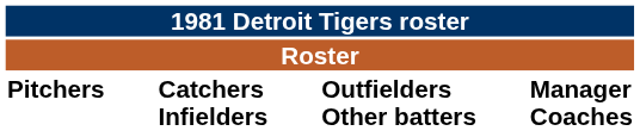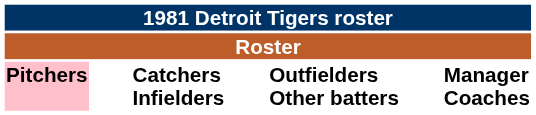 <table class="toccolours" style="font-size: 95%;">
 <tr>
 <th colspan="10" style="background-color: #003366; color: white; text-align: center;">1981 Detroit Tigers roster</th>
 </tr>
 <tr>
 <td colspan="10" style="background-color: #bd5d29; color: white; text-align: center;"><strong>Roster</strong></td>
 </tr>
 <tr>
-<td valign="top"><strong>Pitchers</strong><br>            </td>
+<td valign="top" style="background: pink;"><strong>Pitchers</strong><br>            </td>
 <td width="25px"></td>
 <td valign="top"><strong>Catchers</strong><br>   <strong>Infielders</strong>         </td>
 <td width="25px"></td>
 <td valign="top"><strong>Outfielders</strong><br>      <strong>Other batters</strong>  </td>
 <td width="25px"></td>
 <td valign="top"><strong>Manager</strong><br> <strong>Coaches</strong>     </td>
 </tr>
 <tr>
 </tr>
 </table>
